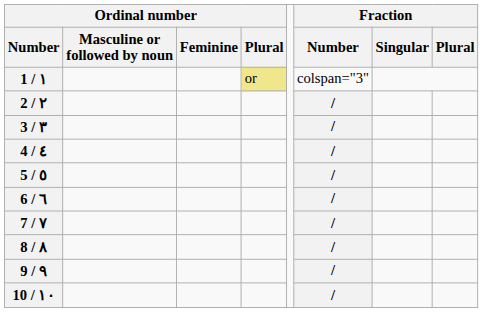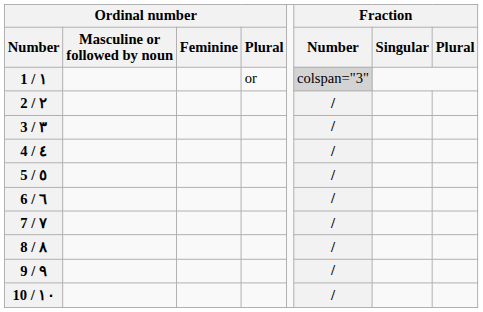 <table class="wikitable">
 <tr>
 <th colspan="4">Ordinal number</th>
 <td rowspan="12"></td>
 <th colspan="3">Fraction</th>
 </tr>
 <tr>
 <th>Number</th>
 <th>Masculine or<br>followed by noun</th>
 <th>Feminine</th>
 <th>Plural</th>
 <th>Number</th>
 <th>Singular</th>
 <th>Plural</th>
 </tr>
 <tr>
 <th>1 / ١</th>
 <td> </td>
 <td> </td>
-<td style="background: khaki;">  or  </td>
-<td>colspan="3" </td>
+<td>  or  </td>
+<td style="background: lightgrey;">colspan="3" </td>
 </tr>
 <tr>
 <th>2 / ٢</th>
 <td> </td>
 <td> </td>
 <td> </td>
 <th> / </th>
 <td> </td>
 <td> </td>
 </tr>
 <tr>
 <th>3 / ٣</th>
 <td> </td>
 <td> </td>
 <td> </td>
 <th> / </th>
 <td> </td>
 <td> </td>
 </tr>
 <tr>
 <th>4 / ٤</th>
 <td> </td>
 <td> </td>
 <td> </td>
 <th> / </th>
 <td> </td>
 <td> </td>
 </tr>
 <tr>
 <th>5 / ٥</th>
 <td> </td>
 <td> </td>
 <td> </td>
 <th> / </th>
 <td> </td>
 <td> </td>
 </tr>
 <tr>
 <th>6 / ٦</th>
 <td> </td>
 <td> </td>
 <td> </td>
 <th> / </th>
 <td> </td>
 <td> </td>
 </tr>
 <tr>
 <th>7 / ٧</th>
 <td> </td>
 <td> </td>
 <td> </td>
 <th> / </th>
 <td> </td>
 <td> </td>
 </tr>
 <tr>
 <th>8 / ٨</th>
 <td> </td>
 <td> </td>
 <td> </td>
 <th> / </th>
 <td> </td>
 <td> </td>
 </tr>
 <tr>
 <th>9 / ٩</th>
 <td> </td>
 <td> </td>
 <td> </td>
 <th> / </th>
 <td> </td>
 <td> </td>
 </tr>
 <tr>
 <th>10 / ١٠</th>
 <td> </td>
 <td> </td>
 <td> </td>
 <th> / </th>
 <td> </td>
 <td> </td>
 </tr>
 </table>
